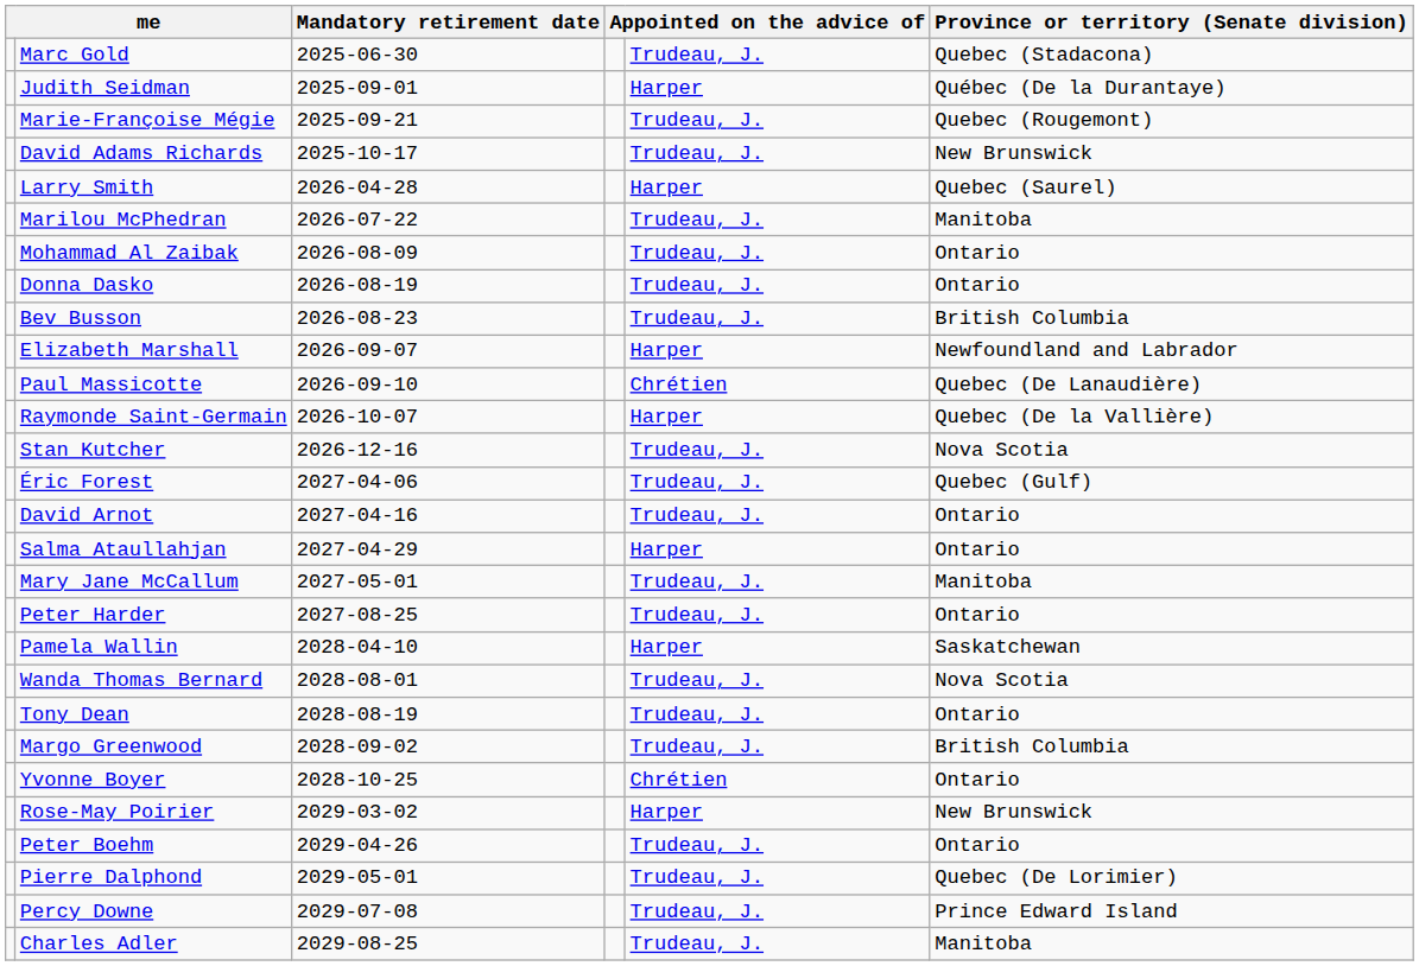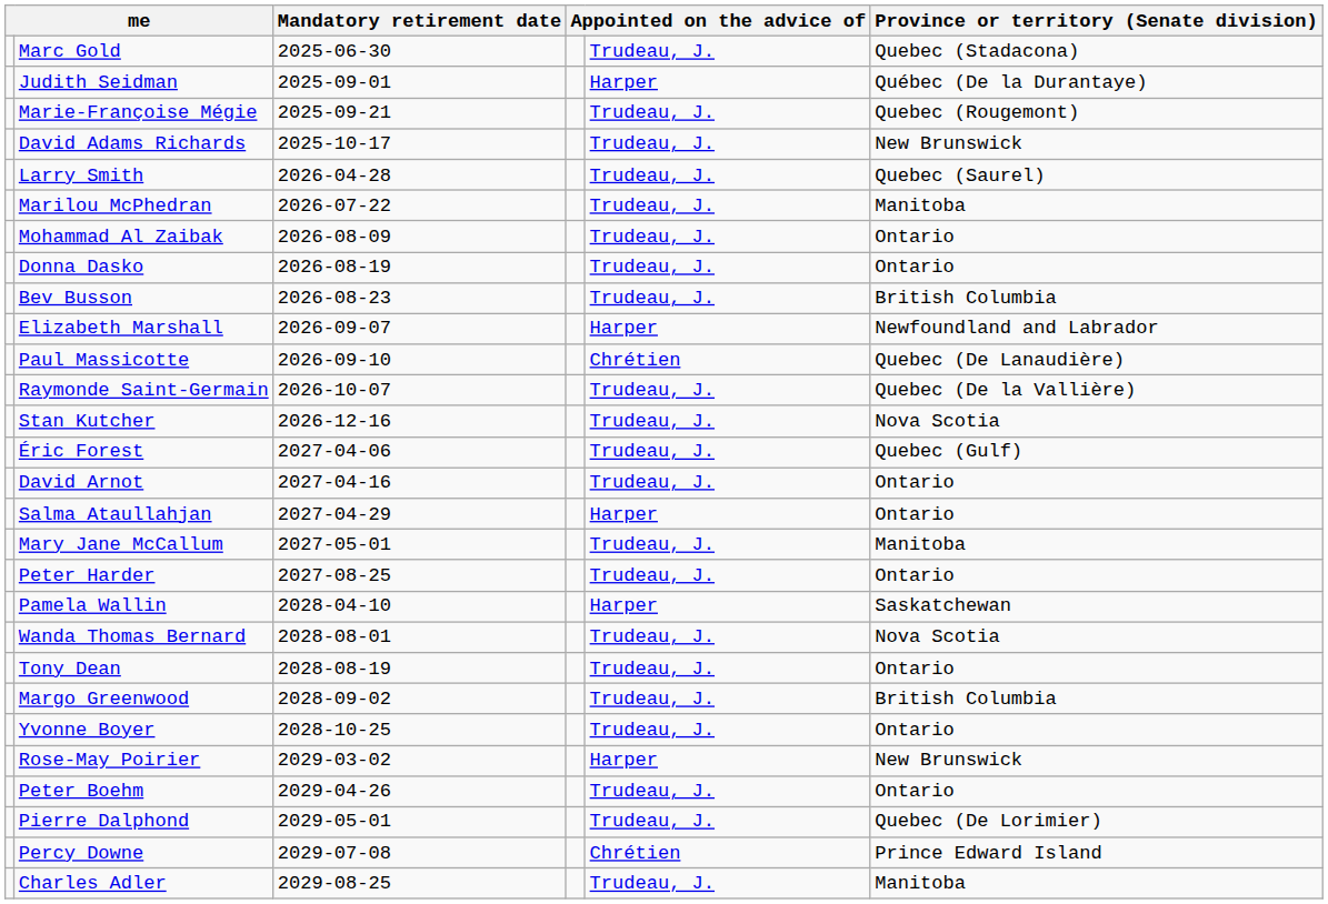 <table class="wikitable sortable">
 <tr>
 <th colspan=2 style="min-width:12em;">me</th>
 <th style="min-width:5em;">Mandatory retirement date</th>
 <th colspan=2 style="min-width:5em;">Appointed on the advice of</th>
 <th style="min-width:12em;">Province or territory (Senate division)</th>
 </tr>
 <tr>
 <td style="background:"></td>
 <td><a href='#'>Marc Gold</a></td>
 <td>2025-06-30</td>
 <td style="background:"></td>
 <td><a href='#'>Trudeau, J.</a></td>
 <td>Quebec (Stadacona)</td>
 </tr>
 <tr>
 <td style="background:"></td>
 <td><a href='#'>Judith Seidman</a></td>
 <td>2025-09-01</td>
 <td style="background:"></td>
 <td><a href='#'>Harper</a></td>
 <td>Québec (De la Durantaye)</td>
 </tr>
 <tr>
 <td style="background:"></td>
 <td><a href='#'>Marie-Françoise Mégie</a></td>
 <td>2025-09-21</td>
 <td style="background:"></td>
 <td><a href='#'>Trudeau, J.</a></td>
 <td>Quebec (Rougemont)</td>
 </tr>
 <tr>
 <td style="background:"></td>
 <td><a href='#'>David Adams Richards</a></td>
 <td>2025-10-17</td>
 <td style="background:"></td>
 <td><a href='#'>Trudeau, J.</a></td>
 <td>New Brunswick</td>
 </tr>
 <tr>
 <td style="background:"></td>
 <td><a href='#'>Larry Smith</a></td>
 <td>2026-04-28</td>
 <td style="background:"></td>
-<td><a href='#'>Harper</a></td>
+<td><a href='#'>Trudeau, J.</a></td>
 <td>Quebec (Saurel)</td>
 </tr>
 <tr>
 <td style="background:"></td>
 <td><a href='#'>Marilou McPhedran</a></td>
 <td>2026-07-22</td>
 <td style="background:"></td>
 <td><a href='#'>Trudeau, J.</a></td>
 <td>Manitoba</td>
 </tr>
 <tr>
 <td style="background:"></td>
 <td><a href='#'>Mohammad Al Zaibak</a></td>
 <td>2026-08-09</td>
 <td style="background:"></td>
 <td><a href='#'>Trudeau, J.</a></td>
 <td>Ontario</td>
 </tr>
 <tr>
 <td style="background:"></td>
 <td><a href='#'>Donna Dasko</a></td>
 <td>2026-08-19</td>
 <td style="background:"></td>
 <td><a href='#'>Trudeau, J.</a></td>
 <td>Ontario</td>
 </tr>
 <tr>
 <td style="background:"></td>
 <td><a href='#'>Bev Busson</a></td>
 <td>2026-08-23</td>
 <td style="background:"></td>
 <td><a href='#'>Trudeau, J.</a></td>
 <td>British Columbia</td>
 </tr>
 <tr>
 <td style="background:"></td>
 <td><a href='#'>Elizabeth Marshall</a></td>
 <td>2026-09-07</td>
 <td style="background:"></td>
 <td><a href='#'>Harper</a></td>
 <td>Newfoundland and Labrador</td>
 </tr>
 <tr>
 <td style="background:"></td>
 <td><a href='#'>Paul Massicotte</a></td>
 <td>2026-09-10</td>
 <td style="background:"></td>
 <td><a href='#'>Chrétien</a></td>
 <td>Quebec (De Lanaudière)</td>
 </tr>
 <tr>
 <td style="background:"></td>
 <td><a href='#'>Raymonde Saint-Germain</a></td>
 <td>2026-10-07</td>
 <td style="background:"></td>
-<td><a href='#'>Harper</a></td>
+<td><a href='#'>Trudeau, J.</a></td>
 <td>Quebec (De la Vallière)</td>
 </tr>
 <tr>
 <td style="background:"></td>
 <td><a href='#'>Stan Kutcher</a></td>
 <td>2026-12-16</td>
 <td style="background:"></td>
 <td><a href='#'>Trudeau, J.</a></td>
 <td>Nova Scotia</td>
 </tr>
 <tr>
 <td style="background:"></td>
 <td><a href='#'>Éric Forest</a></td>
 <td>2027-04-06</td>
 <td style="background:"></td>
 <td><a href='#'>Trudeau, J.</a></td>
 <td>Quebec (Gulf)</td>
 </tr>
 <tr>
 <td style="background:"></td>
 <td><a href='#'>David Arnot</a></td>
 <td>2027-04-16</td>
 <td style="background:"></td>
 <td><a href='#'>Trudeau, J.</a></td>
 <td>Ontario</td>
 </tr>
 <tr>
 <td style="background:"></td>
 <td><a href='#'>Salma Ataullahjan</a></td>
 <td>2027-04-29</td>
 <td style="background:"></td>
 <td><a href='#'>Harper</a></td>
 <td>Ontario</td>
 </tr>
 <tr>
 <td style="background:"></td>
 <td><a href='#'>Mary Jane McCallum</a></td>
 <td>2027-05-01</td>
 <td style="background:"></td>
 <td><a href='#'>Trudeau, J.</a></td>
 <td>Manitoba</td>
 </tr>
 <tr>
 <td style="background:"></td>
 <td><span><a href='#'>Peter Harder</a></span></td>
 <td>2027-08-25</td>
 <td style="background:"></td>
 <td><a href='#'>Trudeau, J.</a></td>
 <td>Ontario</td>
 </tr>
 <tr>
 <td style="background:"></td>
 <td><a href='#'>Pamela Wallin</a></td>
 <td>2028-04-10</td>
 <td style="background:"></td>
 <td><a href='#'>Harper</a></td>
 <td>Saskatchewan</td>
 </tr>
 <tr>
 <td style="background:"></td>
 <td><a href='#'>Wanda Thomas Bernard</a></td>
 <td>2028-08-01</td>
 <td style="background:"></td>
 <td><a href='#'>Trudeau, J.</a></td>
 <td>Nova Scotia</td>
 </tr>
 <tr>
 <td style="background:"></td>
 <td><a href='#'>Tony Dean</a></td>
 <td>2028-08-19</td>
 <td style="background:"></td>
 <td><a href='#'>Trudeau, J.</a></td>
 <td>Ontario</td>
 </tr>
 <tr>
 <td style="background:"></td>
 <td><a href='#'>Margo Greenwood</a></td>
 <td>2028-09-02</td>
 <td style="background:"></td>
 <td><a href='#'>Trudeau, J.</a></td>
 <td>British Columbia</td>
 </tr>
 <tr>
 <td style="background:"></td>
 <td><a href='#'>Yvonne Boyer</a></td>
 <td>2028-10-25</td>
 <td style="background:"></td>
-<td><a href='#'>Chrétien</a></td>
+<td><a href='#'>Trudeau, J.</a></td>
 <td>Ontario</td>
 </tr>
 <tr>
 <td style="background:"></td>
 <td><a href='#'>Rose-May Poirier</a></td>
 <td>2029-03-02</td>
 <td style="background:"></td>
 <td><a href='#'>Harper</a></td>
 <td>New Brunswick</td>
 </tr>
 <tr>
 <td style="background:"></td>
 <td><a href='#'>Peter Boehm</a></td>
 <td>2029-04-26</td>
 <td style="background:"></td>
 <td><a href='#'>Trudeau, J.</a></td>
 <td>Ontario</td>
 </tr>
 <tr>
 <td style="background:"></td>
 <td><a href='#'>Pierre Dalphond</a></td>
 <td>2029-05-01</td>
 <td style="background:"></td>
 <td><a href='#'>Trudeau, J.</a></td>
 <td>Quebec (De Lorimier)</td>
 </tr>
 <tr>
 <td style="background:"></td>
 <td><a href='#'>Percy Downe</a></td>
 <td>2029-07-08</td>
 <td style="background:"></td>
-<td><a href='#'>Trudeau, J.</a></td>
+<td><a href='#'>Chrétien</a></td>
 <td>Prince Edward Island</td>
 </tr>
 <tr>
 <td style="background:"></td>
 <td><a href='#'>Charles Adler</a></td>
 <td>2029-08-25</td>
 <td style="background:"></td>
 <td><a href='#'>Trudeau, J.</a></td>
 <td>Manitoba</td>
 </tr>
 </table>
